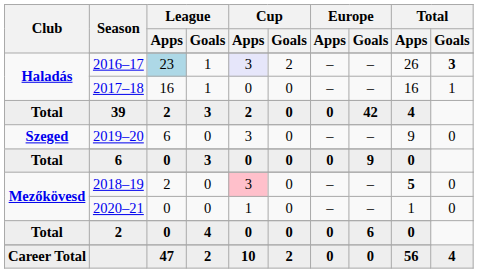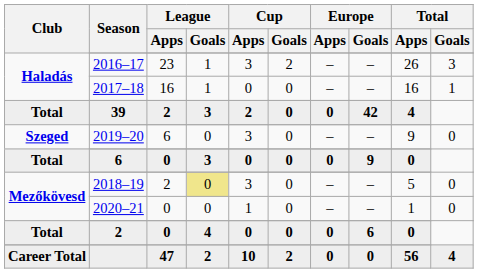 <table class="wikitable" style="font-size:90%; text-align: center;">
 <tr>
 <th rowspan="2">Club</th>
 <th rowspan="2">Season</th>
 <th colspan="2">League</th>
 <th colspan="2">Cup</th>
 <th colspan="2">Europe</th>
 <th colspan="2">Total</th>
 </tr>
 <tr>
 <th>Apps</th>
 <th>Goals</th>
 <th>Apps</th>
 <th>Goals</th>
 <th>Apps</th>
 <th>Goals</th>
 <th>Apps</th>
 <th>Goals</th>
 </tr>
 <tr ||-||-||-|->
 <td rowspan="4" valign="center"><strong><a href='#'>Haladás</a></strong></td>
 </tr>
 <tr>
 <td><a href='#'>2016–17</a></td>
-<td style="background: lightblue;">23</td>
+<td>23</td>
 <td>1</td>
-<td style="background: lavender;">3</td>
+<td>3</td>
 <td>2</td>
 <td>–</td>
 <td>–</td>
 <td>26</td>
-<td><strong>3</strong></td>
+<td>3</td>
 </tr>
 <tr>
 <td><a href='#'>2017–18</a></td>
 <td>16</td>
 <td>1</td>
 <td>0</td>
 <td>0</td>
 <td>–</td>
 <td>–</td>
 <td>16</td>
 <td>1</td>
 </tr>
 <tr>
 </tr>
 <tr style="font-weight:bold; background-color:#eeeeee;">
 <td>Total</td>
 <td>39</td>
 <td>2</td>
 <td>3</td>
 <td>2</td>
 <td>0</td>
 <td>0</td>
 <td>42</td>
 <td>4</td>
 </tr>
 <tr>
 <td rowspan="3" valign="center"><strong><a href='#'>Szeged</a></strong></td>
 </tr>
 <tr>
 <td><a href='#'>2019–20</a></td>
 <td>6</td>
 <td>0</td>
 <td>3</td>
 <td>0</td>
 <td>–</td>
 <td>–</td>
 <td>9</td>
 <td>0</td>
 </tr>
 <tr>
 </tr>
 <tr style="font-weight:bold; background-color:#eeeeee;">
 <td>Total</td>
 <td>6</td>
 <td>0</td>
 <td>3</td>
 <td>0</td>
 <td>0</td>
 <td>0</td>
 <td>9</td>
 <td>0</td>
 </tr>
 <tr>
 <td rowspan="4" valign="center"><strong><a href='#'>Mezőkövesd</a></strong></td>
 </tr>
 <tr>
 <td><a href='#'>2018–19</a></td>
 <td>2</td>
-<td>0</td>
-<td style="background: pink;">3</td>
+<td style="background: khaki;">0</td>
+<td>3</td>
 <td>0</td>
 <td>–</td>
 <td>–</td>
-<td><strong>5</strong></td>
+<td>5</td>
 <td>0</td>
 </tr>
 <tr>
 <td><a href='#'>2020–21</a></td>
 <td>0</td>
 <td>0</td>
 <td>1</td>
 <td>0</td>
 <td>–</td>
 <td>–</td>
 <td>1</td>
 <td>0</td>
 </tr>
 <tr>
 </tr>
 <tr style="font-weight:bold; background-color:#eeeeee;">
 <td>Total</td>
 <td>2</td>
 <td>0</td>
 <td>4</td>
 <td>0</td>
 <td>0</td>
 <td>0</td>
 <td>6</td>
 <td>0</td>
 </tr>
 <tr>
 </tr>
 <tr style="font-weight:bold; background-color:#eeeeee;">
 <td rowspan="2" valign="top"><strong>Career Total</strong></td>
 <td></td>
 <td><strong>47</strong></td>
 <td><strong>2</strong></td>
 <td><strong>10</strong></td>
 <td><strong>2</strong></td>
 <td><strong>0</strong></td>
 <td><strong>0</strong></td>
 <td><strong>56</strong></td>
 <td><strong>4</strong></td>
 </tr>
 </table>
